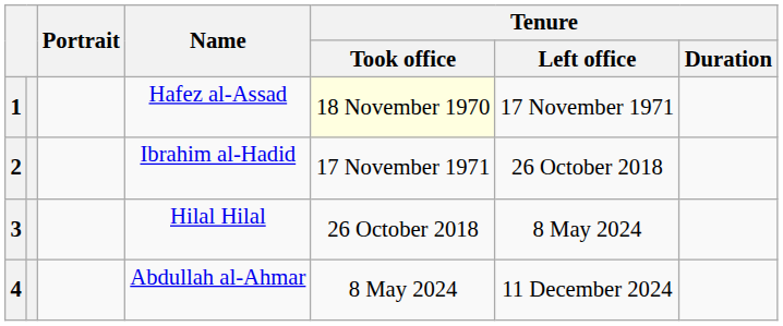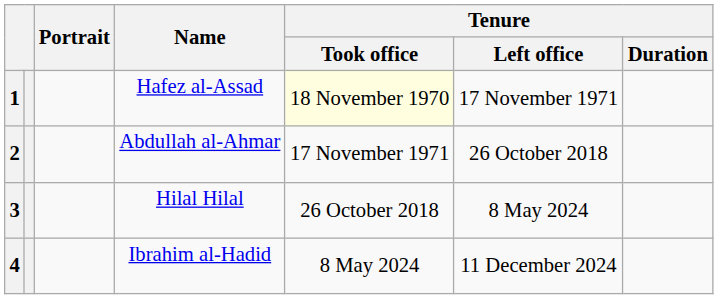 <table class="wikitable" style="text-align:center">
 <tr>
 <th rowspan=2 colspan=2></th>
 <th rowspan=2>Portrait</th>
 <th rowspan=2>Name<br></th>
 <th colspan=3>Tenure</th>
 </tr>
 <tr>
 <th>Took office</th>
 <th>Left office</th>
 <th>Duration</th>
 </tr>
 <tr>
 <th>1</th>
 <th style="background:"></th>
 <td></td>
 <td><a href='#'>Hafez al-Assad</a><br><br></td>
 <td style="background: lightyellow;">18 November 1970</td>
 <td>17 November 1971</td>
 <td></td>
 </tr>
 <tr>
 <th>2</th>
 <th style="background:"></th>
 <td></td>
-<td><a href='#'>Ibrahim al-Hadid</a><br><br></td>
+<td><a href='#'>Abdullah al-Ahmar</a><br><br></td>
 <td>17 November 1971</td>
 <td>26 October 2018</td>
 <td></td>
 </tr>
 <tr>
 <th>3</th>
 <th style="background:"></th>
 <td></td>
 <td><a href='#'>Hilal Hilal</a><br><br></td>
 <td>26 October 2018</td>
 <td>8 May 2024</td>
 <td></td>
 </tr>
 <tr>
 <th>4</th>
 <th style="background:"></th>
 <td></td>
-<td><a href='#'>Abdullah al-Ahmar</a><br><br></td>
+<td><a href='#'>Ibrahim al-Hadid</a><br><br></td>
 <td>8 May 2024</td>
 <td>11 December 2024</td>
 <td></td>
 </tr>
 </table>
